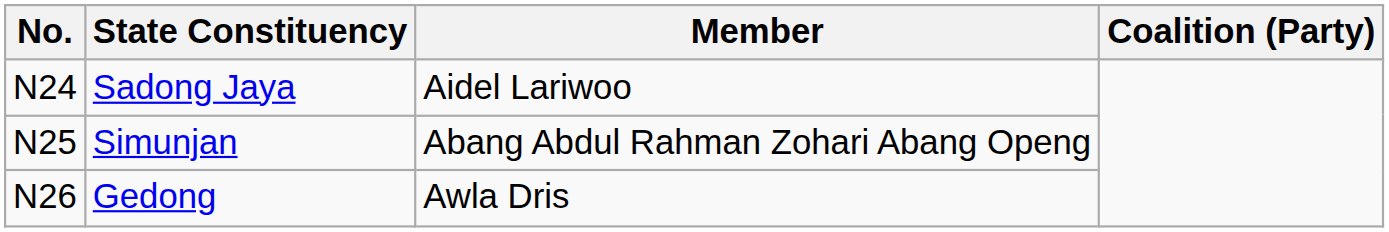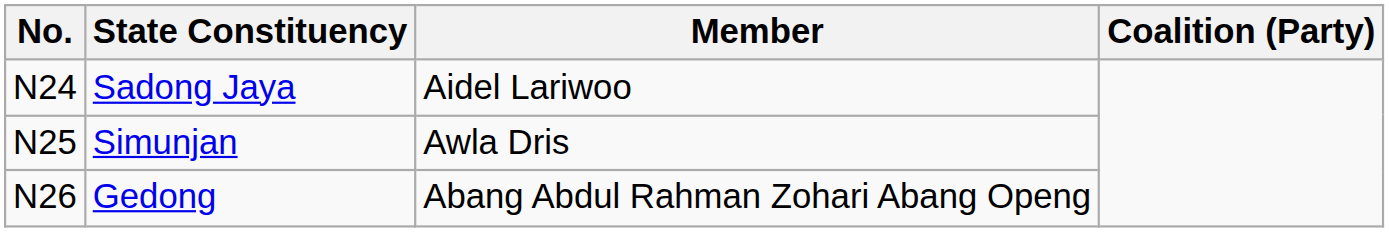 <table class="wikitable">
 <tr>
 <th>No.</th>
 <th>State Constituency</th>
 <th>Member</th>
 <th>Coalition (Party)</th>
 </tr>
 <tr>
 <td>N24</td>
 <td><a href='#'>Sadong Jaya</a></td>
 <td>Aidel Lariwoo</td>
 <td rowspan="3"></td>
 </tr>
 <tr>
 <td>N25</td>
 <td><a href='#'>Simunjan</a></td>
-<td>Abang Abdul Rahman Zohari Abang Openg</td>
+<td>Awla Dris</td>
 </tr>
 <tr>
 <td>N26</td>
 <td><a href='#'>Gedong</a></td>
-<td>Awla Dris</td>
+<td>Abang Abdul Rahman Zohari Abang Openg</td>
 </tr>
 </table>
